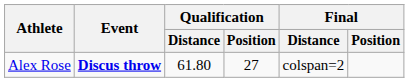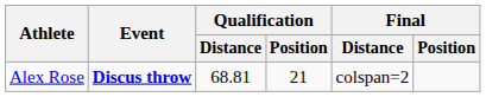 <table class=wikitable style=font-size:90%>
 <tr>
 <th rowspan=2>Athlete</th>
 <th rowspan=2>Event</th>
 <th colspan=2>Qualification</th>
 <th colspan=2>Final</th>
 </tr>
 <tr style=font-size:95%>
 <th>Distance</th>
 <th>Position</th>
 <th>Distance</th>
 <th>Position</th>
 </tr>
 <tr align=center>
 <td align=left><a href='#'>Alex Rose</a></td>
 <td align=left><strong><a href='#'>Discus throw</a></strong></td>
-<td>61.80</td>
-<td>27</td>
+<td>68.81</td>
+<td>21</td>
 <td>colspan=2 </td>
 </tr>
 </table>
